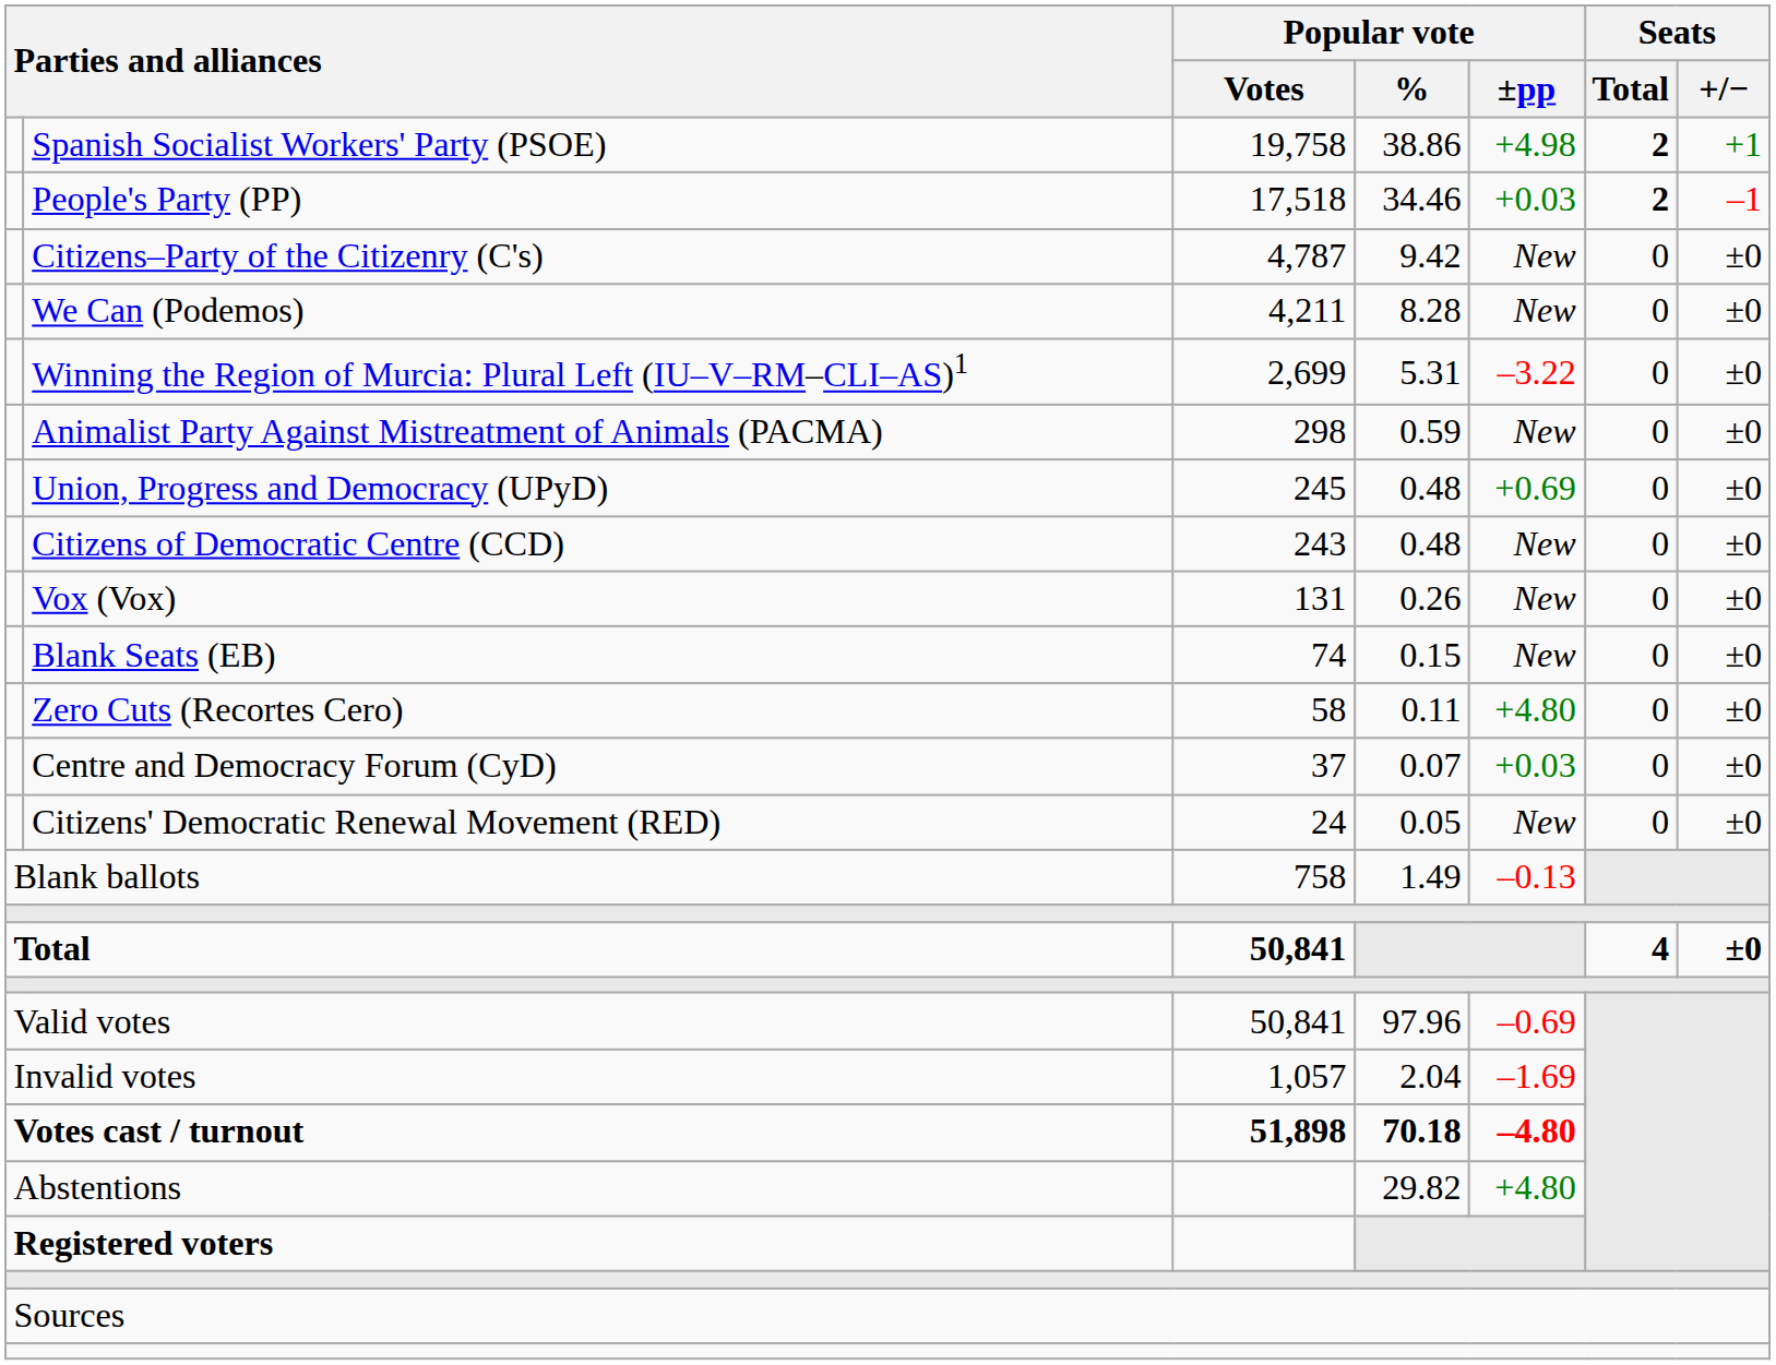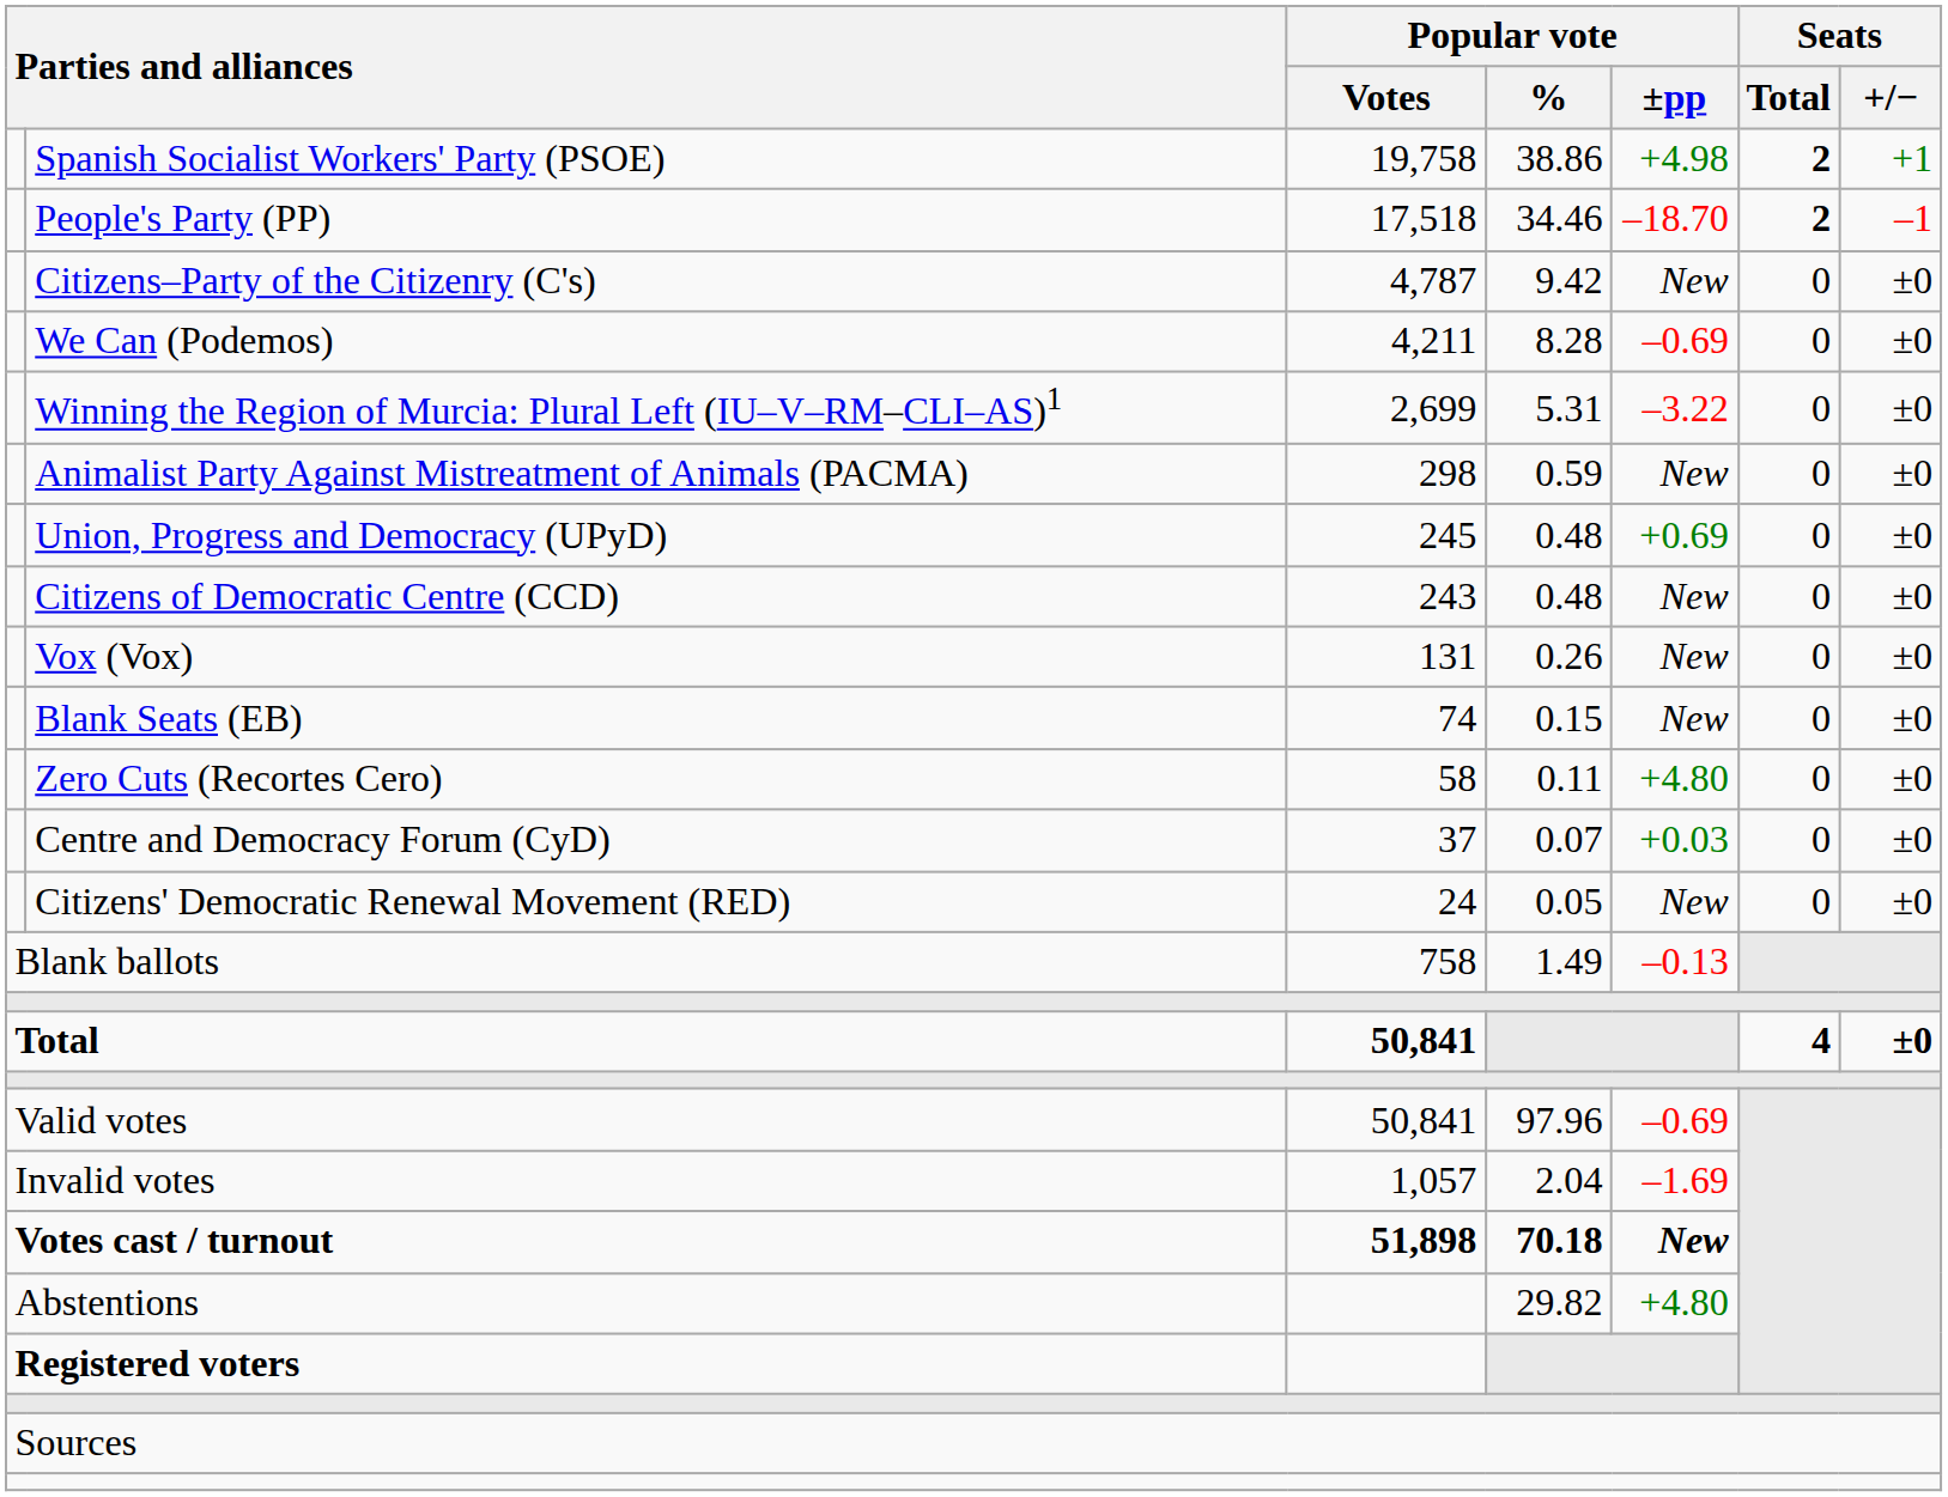 <table class="wikitable" style="text-align:right;">
 <tr>
 <th style="text-align:left;" rowspan="2" colspan="2" width="525">Parties and alliances</th>
 <th colspan="3">Popular vote</th>
 <th colspan="2">Seats</th>
 </tr>
 <tr>
 <th width="75">Votes</th>
 <th width="45">%</th>
 <th width="45">±<a href='#'>pp</a></th>
 <th width="35">Total</th>
 <th width="35">+/−</th>
 </tr>
 <tr>
 <td width="1" style="color:inherit;background:"></td>
 <td align="left"><a href='#'>Spanish Socialist Workers' Party</a> (PSOE)</td>
 <td>19,758</td>
 <td>38.86</td>
 <td style="color:green;">+4.98</td>
 <td><strong>2</strong></td>
 <td style="color:green;">+1</td>
 </tr>
 <tr>
 <td style="color:inherit;background:"></td>
 <td align="left"><a href='#'>People's Party</a> (PP)</td>
 <td>17,518</td>
 <td>34.46</td>
-<td style="color:green;">+0.03</td>
+<td style="color:red;">–18.70</td>
 <td><strong>2</strong></td>
 <td style="color:red;">–1</td>
 </tr>
 <tr>
 <td style="color:inherit;background:"></td>
 <td align="left"><a href='#'>Citizens–Party of the Citizenry</a> (C's)</td>
 <td>4,787</td>
 <td>9.42</td>
 <td><em>New</em></td>
 <td>0</td>
 <td>±0</td>
 </tr>
 <tr>
 <td style="color:inherit;background:"></td>
 <td align="left"><a href='#'>We Can</a> (Podemos)</td>
 <td>4,211</td>
 <td>8.28</td>
-<td><em>New</em></td>
+<td style="color:red;">–0.69</td>
 <td>0</td>
 <td>±0</td>
 </tr>
 <tr>
 <td style="color:inherit;background:"></td>
 <td align="left"><a href='#'>Winning the Region of Murcia: Plural Left</a> (<a href='#'>IU–V–RM</a>–<a href='#'>CLI–AS</a>)<sup>1</sup></td>
 <td>2,699</td>
 <td>5.31</td>
 <td style="color:red;">–3.22</td>
 <td>0</td>
 <td>±0</td>
 </tr>
 <tr>
 <td style="color:inherit;background:"></td>
 <td align="left"><a href='#'>Animalist Party Against Mistreatment of Animals</a> (PACMA)</td>
 <td>298</td>
 <td>0.59</td>
 <td><em>New</em></td>
 <td>0</td>
 <td>±0</td>
 </tr>
 <tr>
 <td style="color:inherit;background:"></td>
 <td align="left"><a href='#'>Union, Progress and Democracy</a> (UPyD)</td>
 <td>245</td>
 <td>0.48</td>
 <td style="color:green;">+0.69</td>
 <td>0</td>
 <td>±0</td>
 </tr>
 <tr>
 <td style="color:inherit;background:"></td>
 <td align="left"><a href='#'>Citizens of Democratic Centre</a> (CCD)</td>
 <td>243</td>
 <td>0.48</td>
 <td><em>New</em></td>
 <td>0</td>
 <td>±0</td>
 </tr>
 <tr>
 <td style="color:inherit;background:"></td>
 <td align="left"><a href='#'>Vox</a> (Vox)</td>
 <td>131</td>
 <td>0.26</td>
 <td><em>New</em></td>
 <td>0</td>
 <td>±0</td>
 </tr>
 <tr>
 <td style="color:inherit;background:"></td>
 <td align="left"><a href='#'>Blank Seats</a> (EB)</td>
 <td>74</td>
 <td>0.15</td>
 <td><em>New</em></td>
 <td>0</td>
 <td>±0</td>
 </tr>
 <tr>
 <td style="color:inherit;background:"></td>
 <td align="left"><a href='#'>Zero Cuts</a> (Recortes Cero)</td>
 <td>58</td>
 <td>0.11</td>
 <td style="color:green;">+4.80</td>
 <td>0</td>
 <td>±0</td>
 </tr>
 <tr>
 <td style="color:inherit;background:"></td>
 <td align="left">Centre and Democracy Forum (CyD)</td>
 <td>37</td>
 <td>0.07</td>
 <td style="color:green;">+0.03</td>
 <td>0</td>
 <td>±0</td>
 </tr>
 <tr>
 <td style="color:inherit;background:"></td>
 <td align="left">Citizens' Democratic Renewal Movement (RED)</td>
 <td>24</td>
 <td>0.05</td>
 <td><em>New</em></td>
 <td>0</td>
 <td>±0</td>
 </tr>
 <tr>
 <td align="left" colspan="2">Blank ballots</td>
 <td>758</td>
 <td>1.49</td>
 <td style="color:red;">–0.13</td>
 <td bgcolor="#E9E9E9" colspan="2"></td>
 </tr>
 <tr>
 <td colspan="7" bgcolor="#E9E9E9"></td>
 </tr>
 <tr style="font-weight:bold;">
 <td align="left" colspan="2">Total</td>
 <td>50,841</td>
 <td bgcolor="#E9E9E9" colspan="2"></td>
 <td>4</td>
 <td>±0</td>
 </tr>
 <tr>
 <td colspan="7" bgcolor="#E9E9E9"></td>
 </tr>
 <tr>
 <td align="left" colspan="2">Valid votes</td>
 <td>50,841</td>
 <td>97.96</td>
 <td style="color:red;">–0.69</td>
 <td bgcolor="#E9E9E9" colspan="2" rowspan="5"></td>
 </tr>
 <tr>
 <td align="left" colspan="2">Invalid votes</td>
 <td>1,057</td>
 <td>2.04</td>
 <td style="color:red;">–1.69</td>
 </tr>
 <tr style="font-weight:bold;">
 <td align="left" colspan="2">Votes cast / turnout</td>
 <td>51,898</td>
 <td>70.18</td>
-<td style="color:red;">–4.80</td>
+<td><em>New</em></td>
 </tr>
 <tr>
 <td align="left" colspan="2">Abstentions</td>
 <td></td>
 <td>29.82</td>
 <td style="color:green;">+4.80</td>
 </tr>
 <tr style="font-weight:bold;">
 <td align="left" colspan="2">Registered voters</td>
 <td></td>
 <td bgcolor="#E9E9E9" colspan="2"></td>
 </tr>
 <tr>
 <td colspan="7" bgcolor="#E9E9E9"></td>
 </tr>
 <tr>
 <td align="left" colspan="7">Sources</td>
 </tr>
 <tr>
 <td colspan="7" style="text-align:left; max-width:790px;"></td>
 </tr>
 </table>
